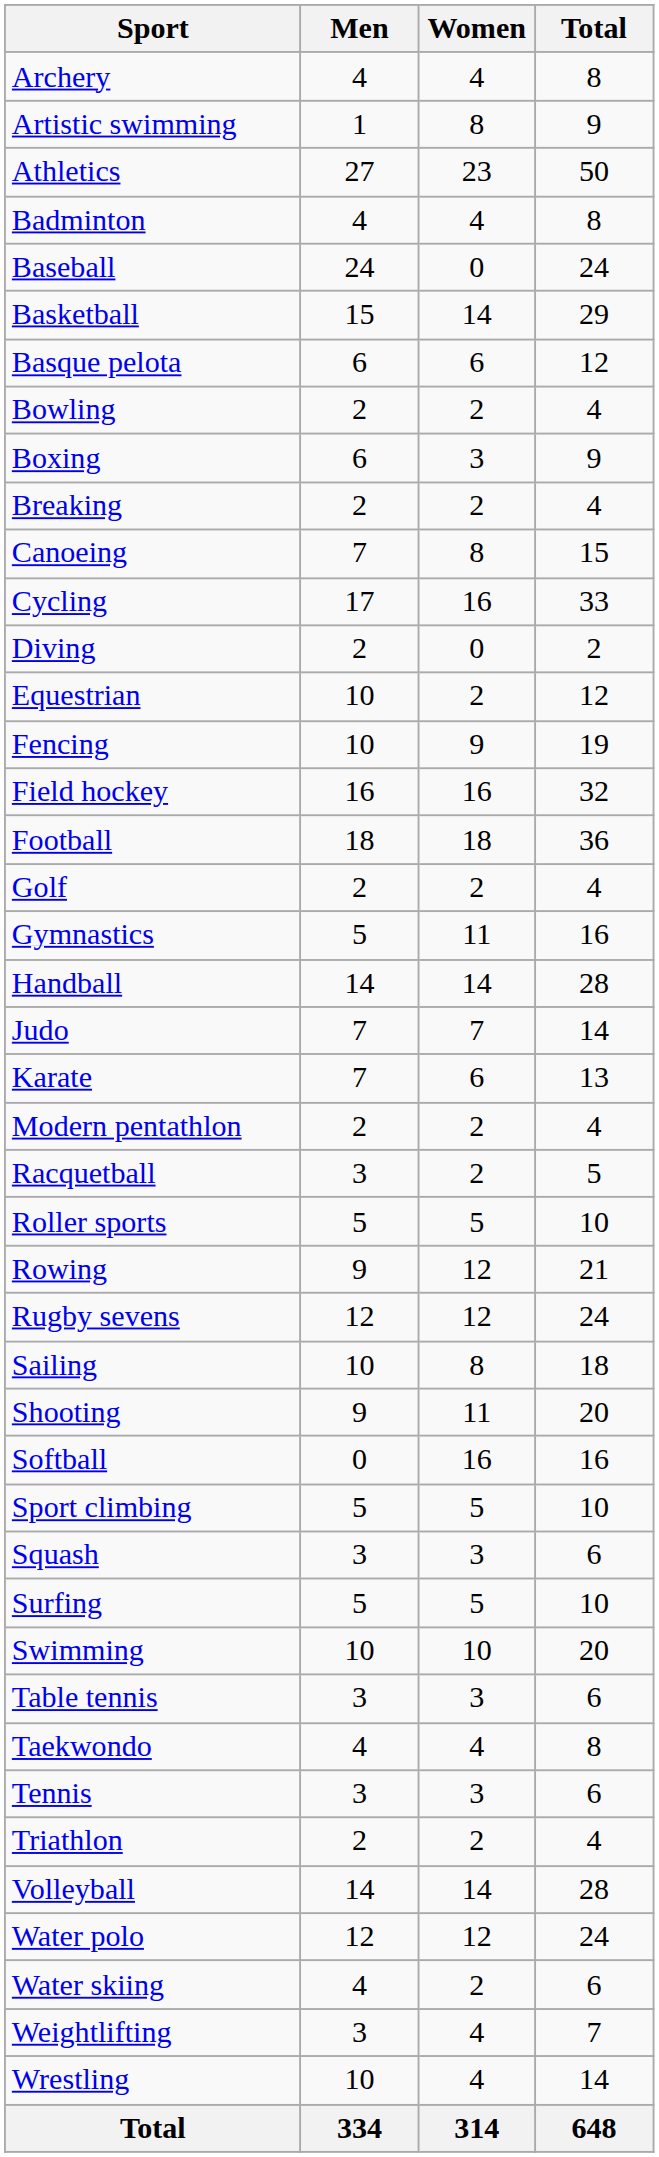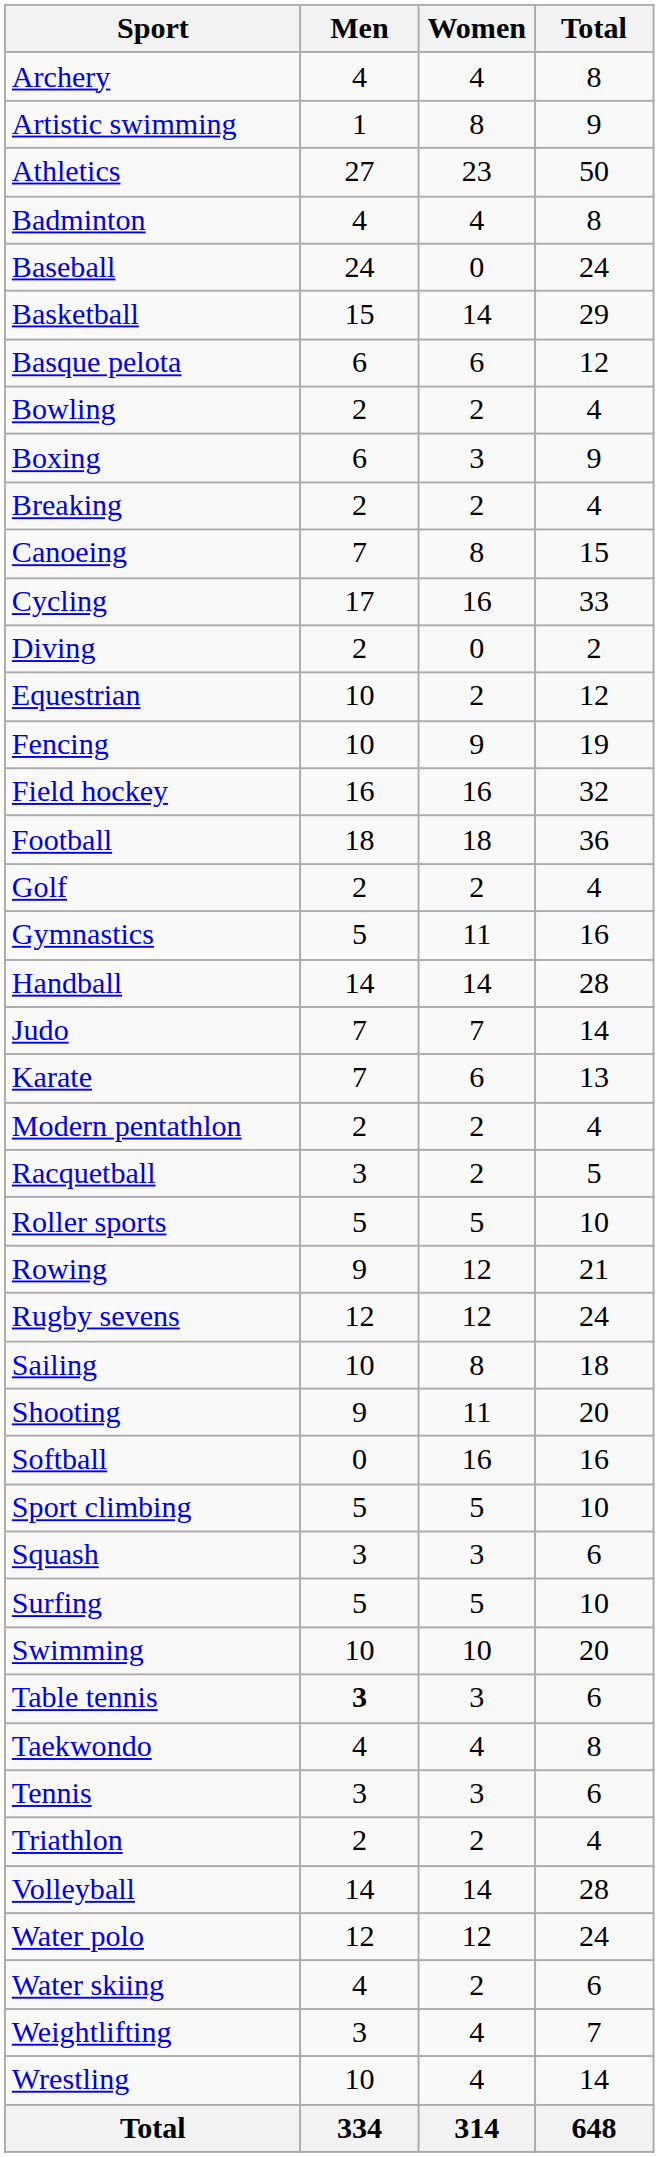 <table class="wikitable sortable" style="text-align:center;">
 <tr>
 <th width=150>Sport</th>
 <th width=55>Men</th>
 <th width=55>Women</th>
 <th width=55>Total</th>
 </tr>
 <tr>
 <td style="text-align:left"><a href='#'>Archery</a></td>
 <td>4</td>
 <td>4</td>
 <td>8</td>
 </tr>
 <tr>
 <td style="text-align:left"><a href='#'>Artistic swimming</a></td>
 <td>1</td>
 <td>8</td>
 <td>9</td>
 </tr>
 <tr>
 <td style="text-align:left"><a href='#'>Athletics</a></td>
 <td>27</td>
 <td>23</td>
 <td>50</td>
 </tr>
 <tr>
 <td style="text-align:left"><a href='#'>Badminton</a></td>
 <td>4</td>
 <td>4</td>
 <td>8</td>
 </tr>
 <tr>
 <td style="text-align:left"><a href='#'>Baseball</a></td>
 <td>24</td>
 <td>0</td>
 <td>24</td>
 </tr>
 <tr>
 <td style="text-align:left"><a href='#'>Basketball</a></td>
 <td>15</td>
 <td>14</td>
 <td>29</td>
 </tr>
 <tr>
 <td style="text-align:left"><a href='#'>Basque pelota</a></td>
 <td>6</td>
 <td>6</td>
 <td>12</td>
 </tr>
 <tr>
 <td style="text-align:left"><a href='#'>Bowling</a></td>
 <td>2</td>
 <td>2</td>
 <td>4</td>
 </tr>
 <tr>
 <td style="text-align:left"><a href='#'>Boxing</a></td>
 <td>6</td>
 <td>3</td>
 <td>9</td>
 </tr>
 <tr>
 <td style="text-align:left"><a href='#'>Breaking</a></td>
 <td>2</td>
 <td>2</td>
 <td>4</td>
 </tr>
 <tr>
 <td style="text-align:left"><a href='#'>Canoeing</a></td>
 <td>7</td>
 <td>8</td>
 <td>15</td>
 </tr>
 <tr>
 <td style="text-align:left"><a href='#'>Cycling</a></td>
 <td>17</td>
 <td>16</td>
 <td>33</td>
 </tr>
 <tr>
 <td style="text-align:left"><a href='#'>Diving</a></td>
 <td>2</td>
 <td>0</td>
 <td>2</td>
 </tr>
 <tr>
 <td style="text-align:left"><a href='#'>Equestrian</a></td>
 <td>10</td>
 <td>2</td>
 <td>12</td>
 </tr>
 <tr>
 <td style="text-align:left"><a href='#'>Fencing</a></td>
 <td>10</td>
 <td>9</td>
 <td>19</td>
 </tr>
 <tr>
 <td style="text-align:left"><a href='#'>Field hockey</a></td>
 <td>16</td>
 <td>16</td>
 <td>32</td>
 </tr>
 <tr>
 <td style="text-align:left"><a href='#'>Football</a></td>
 <td>18</td>
 <td>18</td>
 <td>36</td>
 </tr>
 <tr>
 <td style="text-align:left"><a href='#'>Golf</a></td>
 <td>2</td>
 <td>2</td>
 <td>4</td>
 </tr>
 <tr>
 <td style="text-align:left"><a href='#'>Gymnastics</a></td>
 <td>5</td>
 <td>11</td>
 <td>16</td>
 </tr>
 <tr>
 <td style="text-align:left"><a href='#'>Handball</a></td>
 <td>14</td>
 <td>14</td>
 <td>28</td>
 </tr>
 <tr>
 <td style="text-align:left"><a href='#'>Judo</a></td>
 <td>7</td>
 <td>7</td>
 <td>14</td>
 </tr>
 <tr>
 <td style="text-align:left"><a href='#'>Karate</a></td>
 <td>7</td>
 <td>6</td>
 <td>13</td>
 </tr>
 <tr>
 <td style="text-align:left"><a href='#'>Modern pentathlon</a></td>
 <td>2</td>
 <td>2</td>
 <td>4</td>
 </tr>
 <tr>
 <td style="text-align:left"><a href='#'>Racquetball</a></td>
 <td>3</td>
 <td>2</td>
 <td>5</td>
 </tr>
 <tr>
 <td style="text-align:left"><a href='#'>Roller sports</a></td>
 <td>5</td>
 <td>5</td>
 <td>10</td>
 </tr>
 <tr>
 <td style="text-align:left"><a href='#'>Rowing</a></td>
 <td>9</td>
 <td>12</td>
 <td>21</td>
 </tr>
 <tr>
 <td style="text-align:left"><a href='#'>Rugby sevens</a></td>
 <td>12</td>
 <td>12</td>
 <td>24</td>
 </tr>
 <tr>
 <td style="text-align:left"><a href='#'>Sailing</a></td>
 <td>10</td>
 <td>8</td>
 <td>18</td>
 </tr>
 <tr>
 <td style="text-align:left"><a href='#'>Shooting</a></td>
 <td>9</td>
 <td>11</td>
 <td>20</td>
 </tr>
 <tr>
 <td style="text-align:left"><a href='#'>Softball</a></td>
 <td>0</td>
 <td>16</td>
 <td>16</td>
 </tr>
 <tr>
 <td style="text-align:left"><a href='#'>Sport climbing</a></td>
 <td>5</td>
 <td>5</td>
 <td>10</td>
 </tr>
 <tr>
 <td style="text-align:left"><a href='#'>Squash</a></td>
 <td>3</td>
 <td>3</td>
 <td>6</td>
 </tr>
 <tr>
 <td style="text-align:left"><a href='#'>Surfing</a></td>
 <td>5</td>
 <td>5</td>
 <td>10</td>
 </tr>
 <tr>
 <td style="text-align:left"><a href='#'>Swimming</a></td>
 <td>10</td>
 <td>10</td>
 <td>20</td>
 </tr>
 <tr>
 <td style="text-align:left"><a href='#'>Table tennis</a></td>
-<td>3</td>
+<td><strong>3</strong></td>
 <td>3</td>
 <td>6</td>
 </tr>
 <tr>
 <td style="text-align:left"><a href='#'>Taekwondo</a></td>
 <td>4</td>
 <td>4</td>
 <td>8</td>
 </tr>
 <tr>
 <td style="text-align:left"><a href='#'>Tennis</a></td>
 <td>3</td>
 <td>3</td>
 <td>6</td>
 </tr>
 <tr>
 <td style="text-align:left"><a href='#'>Triathlon</a></td>
 <td>2</td>
 <td>2</td>
 <td>4</td>
 </tr>
 <tr>
 <td style="text-align:left"><a href='#'>Volleyball</a></td>
 <td>14</td>
 <td>14</td>
 <td>28</td>
 </tr>
 <tr>
 <td style="text-align:left"><a href='#'>Water polo</a></td>
 <td>12</td>
 <td>12</td>
 <td>24</td>
 </tr>
 <tr>
 <td style="text-align:left"><a href='#'>Water skiing</a></td>
 <td>4</td>
 <td>2</td>
 <td>6</td>
 </tr>
 <tr>
 <td style="text-align:left"><a href='#'>Weightlifting</a></td>
 <td>3</td>
 <td>4</td>
 <td>7</td>
 </tr>
 <tr>
 <td style="text-align:left"><a href='#'>Wrestling</a></td>
 <td>10</td>
 <td>4</td>
 <td>14</td>
 </tr>
 <tr>
 <th>Total</th>
 <th>334</th>
 <th>314</th>
 <th>648</th>
 </tr>
 </table>
